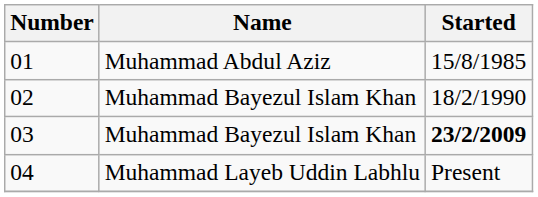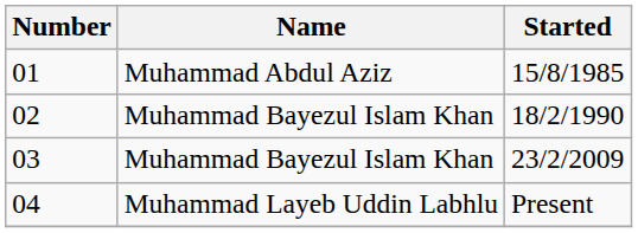 <table class="wikitable">
 <tr>
 <th>Number</th>
 <th>Name</th>
 <th>Started</th>
 </tr>
 <tr>
 <td>01</td>
 <td>Muhammad Abdul Aziz</td>
 <td>15/8/1985</td>
 </tr>
 <tr>
 <td>02</td>
 <td>Muhammad Bayezul Islam Khan</td>
 <td>18/2/1990</td>
 </tr>
 <tr>
 <td>03</td>
 <td>Muhammad Bayezul Islam Khan</td>
-<td><strong>23/2/2009</strong></td>
+<td>23/2/2009</td>
 </tr>
 <tr>
 <td>04</td>
 <td>Muhammad Layeb Uddin Labhlu</td>
 <td>Present</td>
 </tr>
 <tr>
 </tr>
 </table>
